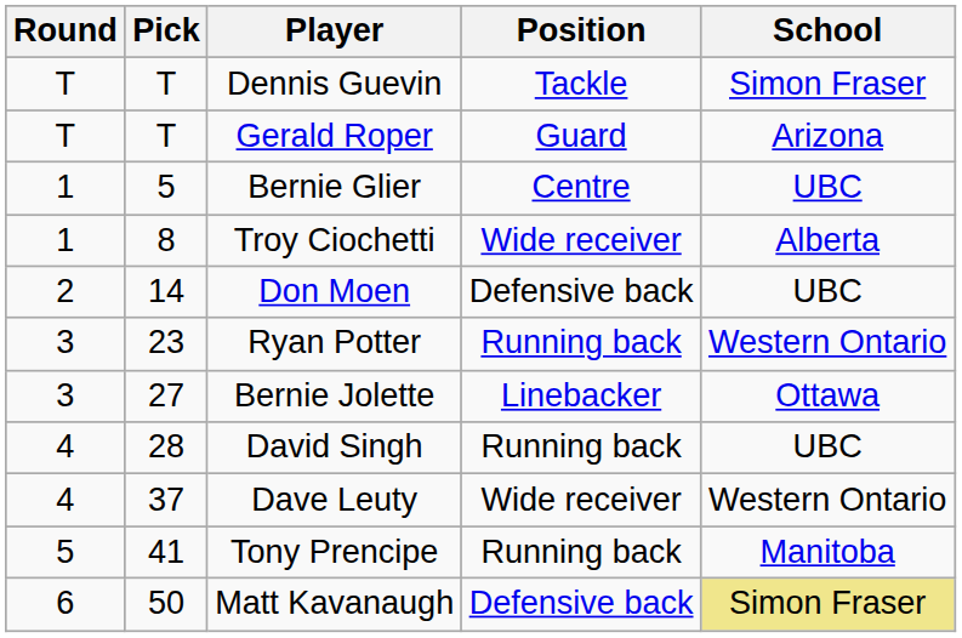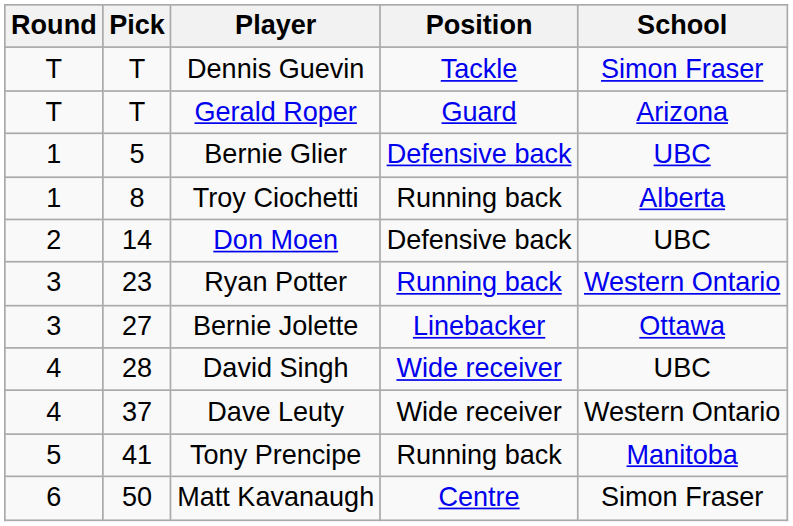 <table class="wikitable" style="text-align:center">
 <tr>
 <th scope="col">Round</th>
 <th scope="col">Pick</th>
 <th scope="col">Player</th>
 <th scope="col">Position</th>
 <th scope="col">School</th>
 </tr>
 <tr>
 <td>T</td>
 <td>T</td>
 <td>Dennis Guevin</td>
 <td><a href='#'>Tackle</a></td>
 <td><a href='#'>Simon Fraser</a></td>
 </tr>
 <tr>
 <td>T</td>
 <td>T</td>
 <td><a href='#'>Gerald Roper</a></td>
 <td><a href='#'>Guard</a></td>
 <td><a href='#'>Arizona</a></td>
 </tr>
 <tr>
 <td>1</td>
 <td>5</td>
 <td>Bernie Glier</td>
-<td><a href='#'>Centre</a></td>
+<td><a href='#'>Defensive back</a></td>
 <td><a href='#'>UBC</a></td>
 </tr>
 <tr>
 <td>1</td>
 <td>8</td>
 <td>Troy Ciochetti</td>
-<td><a href='#'>Wide receiver</a></td>
+<td>Running back</td>
 <td><a href='#'>Alberta</a></td>
 </tr>
 <tr>
 <td>2</td>
 <td>14</td>
 <td><a href='#'>Don Moen</a></td>
 <td>Defensive back</td>
 <td>UBC</td>
 </tr>
 <tr>
 <td>3</td>
 <td>23</td>
 <td>Ryan Potter</td>
 <td><a href='#'>Running back</a></td>
 <td><a href='#'>Western Ontario</a></td>
 </tr>
 <tr>
 <td>3</td>
 <td>27</td>
 <td>Bernie Jolette</td>
 <td><a href='#'>Linebacker</a></td>
 <td><a href='#'>Ottawa</a></td>
 </tr>
 <tr>
 <td>4</td>
 <td>28</td>
 <td>David Singh</td>
-<td>Running back</td>
+<td><a href='#'>Wide receiver</a></td>
 <td>UBC</td>
 </tr>
 <tr>
 <td>4</td>
 <td>37</td>
 <td>Dave Leuty</td>
 <td>Wide receiver</td>
 <td>Western Ontario</td>
 </tr>
 <tr>
 <td>5</td>
 <td>41</td>
 <td>Tony Prencipe</td>
 <td>Running back</td>
 <td><a href='#'>Manitoba</a></td>
 </tr>
 <tr>
 <td>6</td>
 <td>50</td>
 <td>Matt Kavanaugh</td>
-<td><a href='#'>Defensive back</a></td>
-<td style="background: khaki;">Simon Fraser</td>
+<td><a href='#'>Centre</a></td>
+<td>Simon Fraser</td>
 </tr>
 </table>
